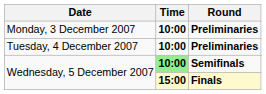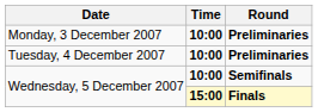 <table class="wikitable">
 <tr>
 <th>Date</th>
 <th>Time</th>
 <th>Round</th>
 </tr>
 <tr>
 <td>Monday, 3 December 2007</td>
 <td><strong>10:00</strong></td>
 <td><strong>Preliminaries</strong></td>
 </tr>
 <tr>
 <td>Tuesday, 4 December 2007</td>
 <td><strong>10:00</strong></td>
 <td><strong>Preliminaries</strong></td>
 </tr>
 <tr>
 <td rowspan="2">Wednesday, 5 December 2007</td>
-<td style="background: lightgreen;"><strong>10:00</strong></td>
+<td><strong>10:00</strong></td>
 <td><strong>Semifinals</strong></td>
 </tr>
 <tr style="background:lemonchiffon;">
 <td><strong>15:00</strong></td>
 <td><strong>Finals</strong></td>
 </tr>
 </table>
